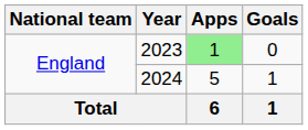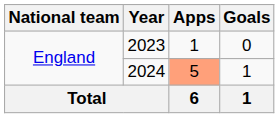 <table class="wikitable" style="text-align: center;">
 <tr>
 <th>National team</th>
 <th>Year</th>
 <th>Apps</th>
 <th>Goals</th>
 </tr>
 <tr>
 <td rowspan="2"><a href='#'>England</a></td>
 <td>2023</td>
-<td style="background: lightgreen;">1</td>
+<td>1</td>
 <td>0</td>
 </tr>
 <tr>
 <td>2024</td>
-<td>5</td>
+<td style="background: lightsalmon;">5</td>
 <td>1</td>
 </tr>
 <tr>
 <th colspan="2">Total</th>
 <th>6</th>
 <th>1</th>
 </tr>
 </table>
